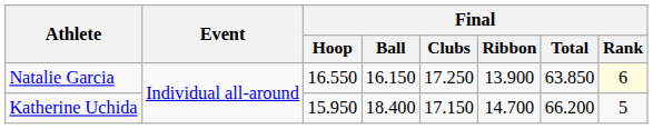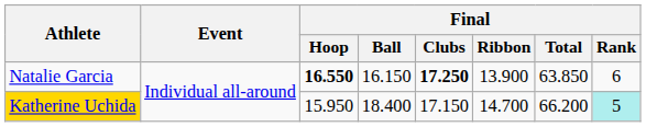 <table class="wikitable" style="font-size:90%">
 <tr>
 <th rowspan="2">Athlete</th>
 <th rowspan="2">Event</th>
 <th colspan="6">Final</th>
 </tr>
 <tr style="font-size:95%">
 <th>Hoop</th>
 <th>Ball</th>
 <th>Clubs</th>
 <th>Ribbon</th>
 <th>Total</th>
 <th>Rank</th>
 </tr>
 <tr align=center>
 <td align=left><a href='#'>Natalie Garcia</a></td>
 <td align=left rowspan=2><a href='#'>Individual all-around</a></td>
-<td>16.550</td>
+<td><strong>16.550</strong></td>
 <td>16.150</td>
-<td>17.250</td>
+<td><strong>17.250</strong></td>
 <td>13.900</td>
 <td>63.850</td>
-<td style="background: lightyellow;">6</td>
+<td>6</td>
 </tr>
 <tr align=center>
-<td align=left><a href='#'>Katherine Uchida</a></td>
+<td align=left style="background: gold;"><a href='#'>Katherine Uchida</a></td>
 <td>15.950</td>
 <td>18.400</td>
 <td>17.150</td>
 <td>14.700</td>
 <td>66.200</td>
-<td>5</td>
+<td style="background: paleturquoise;">5</td>
 </tr>
 </table>
